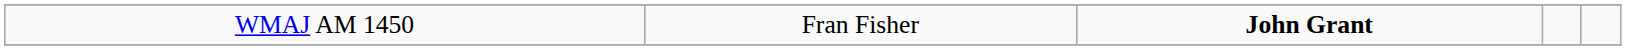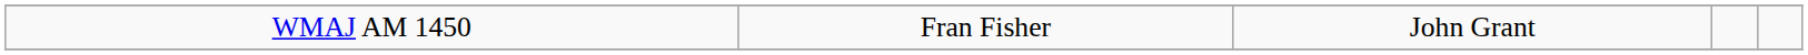 <table style="min-width:80%;text-align:center;" class="wikitable">
 <tr>
 </tr>
 <tr>
 <td><a href='#'>WMAJ</a> AM 1450</td>
 <td>Fran Fisher</td>
-<td><strong>John Grant</strong></td>
+<td>John Grant</td>
 <td></td>
 <td></td>
 </tr>
 <tr>
 </tr>
 </table>
